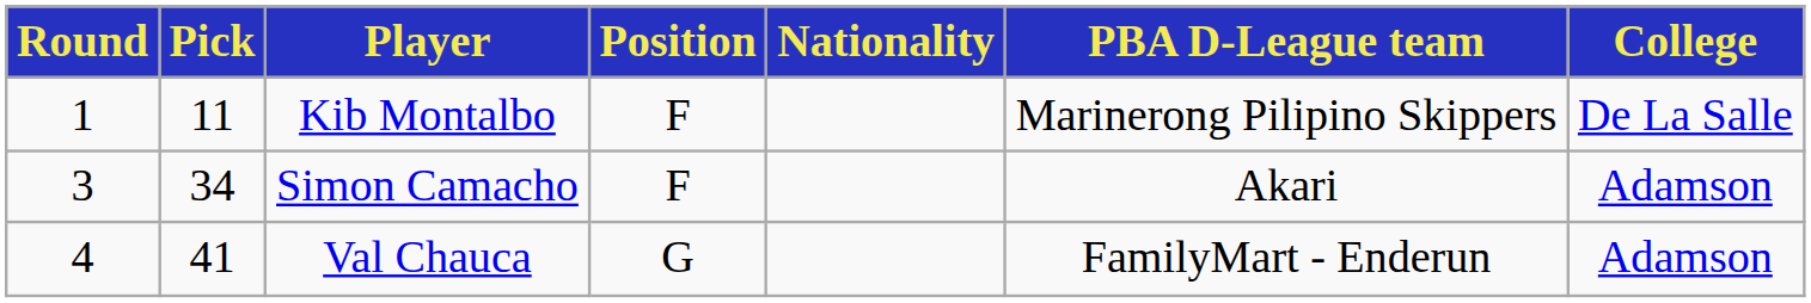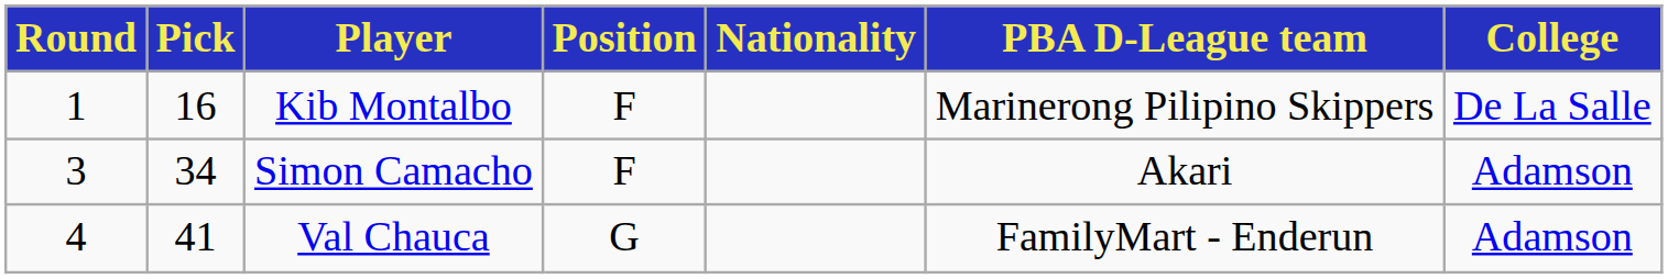 <table class="wikitable sortable sortable" style="text-align: center">
 <tr>
 <th style="background:#2631C2; color:#F4EB51; ">Round</th>
 <th style="background:#2631C2; color:#F4EB51; ">Pick</th>
 <th style="background:#2631C2; color:#F4EB51; ">Player</th>
 <th style="background:#2631C2; color:#F4EB51; ">Position</th>
 <th style="background:#2631C2; color:#F4EB51; ">Nationality</th>
 <th style="background:#2631C2; color:#F4EB51; ">PBA D-League team</th>
 <th style="background:#2631C2; color:#F4EB51; ">College</th>
 </tr>
 <tr>
 <td>1</td>
-<td>11</td>
+<td>16</td>
 <td><a href='#'>Kib Montalbo</a></td>
 <td>F</td>
 <td></td>
 <td>Marinerong Pilipino Skippers</td>
 <td><a href='#'>De La Salle</a></td>
 </tr>
 <tr>
 <td>3</td>
 <td>34</td>
 <td><a href='#'>Simon Camacho</a></td>
 <td>F</td>
 <td></td>
 <td>Akari</td>
 <td><a href='#'>Adamson</a></td>
 </tr>
 <tr>
 <td>4</td>
 <td>41</td>
 <td><a href='#'>Val Chauca</a></td>
 <td>G</td>
 <td></td>
 <td>FamilyMart - Enderun</td>
 <td><a href='#'>Adamson</a></td>
 </tr>
 </table>
